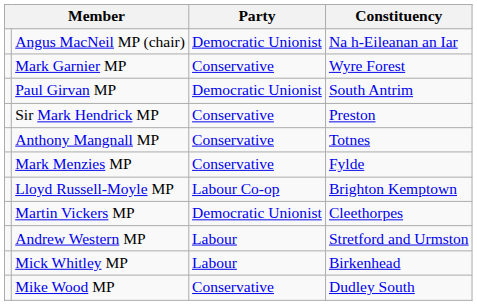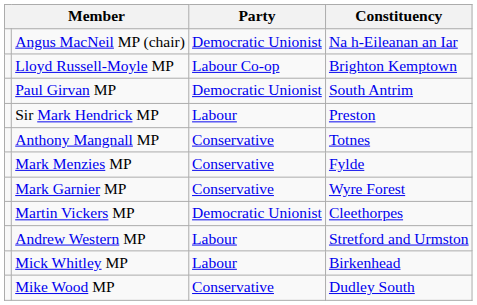 <table class="wikitable">
 <tr>
 <th colspan="2" valign="top">Member</th>
 <th valign="top">Party</th>
 <th valign="top">Constituency</th>
 </tr>
 <tr>
 <td style="color:inherit;background:"></td>
 <td><a href='#'>Angus MacNeil</a> MP (chair)</td>
 <td><a href='#'>Democratic Unionist</a></td>
 <td><a href='#'>Na h-Eileanan an Iar</a></td>
 </tr>
 <tr>
 <td style="color:inherit;background:"></td>
-<td><a href='#'>Mark Garnier</a> MP</td>
-<td><a href='#'>Conservative</a></td>
-<td><a href='#'>Wyre Forest</a></td>
+<td><a href='#'>Lloyd Russell-Moyle</a> MP</td>
+<td><a href='#'>Labour Co-op</a></td>
+<td><a href='#'>Brighton Kemptown</a></td>
 </tr>
 <tr>
 <td style="color:inherit;background:"></td>
 <td><a href='#'>Paul Girvan</a> MP</td>
 <td><a href='#'>Democratic Unionist</a></td>
 <td><a href='#'>South Antrim</a></td>
 </tr>
 <tr>
 <td style="color:inherit;background:"></td>
 <td>Sir <a href='#'>Mark Hendrick</a> MP</td>
-<td><a href='#'>Conservative</a></td>
+<td><a href='#'>Labour</a></td>
 <td><a href='#'>Preston</a></td>
 </tr>
 <tr>
 <td style="color:inherit;background:"></td>
 <td><a href='#'>Anthony Mangnall</a> MP</td>
 <td><a href='#'>Conservative</a></td>
 <td><a href='#'>Totnes</a></td>
 </tr>
 <tr>
 <td style="color:inherit;background:"></td>
 <td><a href='#'>Mark Menzies</a> MP</td>
 <td><a href='#'>Conservative</a></td>
 <td><a href='#'>Fylde</a></td>
 </tr>
 <tr>
 <td style="color:inherit;background:"></td>
-<td><a href='#'>Lloyd Russell-Moyle</a> MP</td>
-<td><a href='#'>Labour Co-op</a></td>
-<td><a href='#'>Brighton Kemptown</a></td>
+<td><a href='#'>Mark Garnier</a> MP</td>
+<td><a href='#'>Conservative</a></td>
+<td><a href='#'>Wyre Forest</a></td>
 </tr>
 <tr>
 <td style="color:inherit;background:"></td>
 <td><a href='#'>Martin Vickers</a> MP</td>
 <td><a href='#'>Democratic Unionist</a></td>
 <td><a href='#'>Cleethorpes</a></td>
 </tr>
 <tr>
 <td style="color:inherit;background:"></td>
 <td><a href='#'>Andrew Western</a> MP</td>
 <td><a href='#'>Labour</a></td>
 <td><a href='#'>Stretford and Urmston</a></td>
 </tr>
 <tr>
 <td style="color:inherit;background:"></td>
 <td><a href='#'>Mick Whitley</a> MP</td>
 <td><a href='#'>Labour</a></td>
 <td><a href='#'>Birkenhead</a></td>
 </tr>
 <tr>
 <td style="color:inherit;background:"></td>
 <td><a href='#'>Mike Wood</a> MP</td>
 <td><a href='#'>Conservative</a></td>
 <td><a href='#'>Dudley South</a></td>
 </tr>
 </table>
